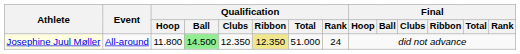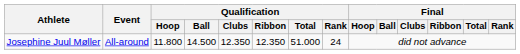 <table class=wikitable style="text-align:center;font-size:90%">
 <tr>
 <th rowspan=2>Athlete</th>
 <th rowspan=2>Event</th>
 <th colspan=6>Qualification</th>
 <th colspan=6>Final</th>
 </tr>
 <tr style="font-size:95%">
 <th>Hoop</th>
 <th>Ball</th>
 <th>Clubs</th>
 <th>Ribbon</th>
 <th>Total</th>
 <th>Rank</th>
 <th>Hoop</th>
 <th>Ball</th>
 <th>Clubs</th>
 <th>Ribbon</th>
 <th>Total</th>
 <th>Rank</th>
 </tr>
 <tr>
-<td align=left style="background: lightyellow;"><a href='#'>Josephine Juul Møller</a></td>
+<td align=left><a href='#'>Josephine Juul Møller</a></td>
 <td align=left><a href='#'>All-around</a></td>
 <td>11.800</td>
-<td style="background: lightgreen;">14.500</td>
+<td>14.500</td>
 <td>12.350</td>
-<td style="background: khaki;">12.350</td>
+<td>12.350</td>
 <td>51.000</td>
 <td>24</td>
 <td Colspan=6><em>did not advance</em></td>
 </tr>
 </table>
